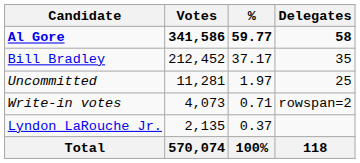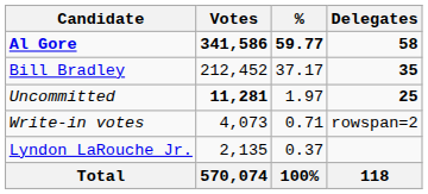 <table class="wikitable sortable" style="text-align:right;">
 <tr>
 <th>Candidate</th>
 <th>Votes</th>
 <th>%</th>
 <th>Delegates</th>
 </tr>
 <tr>
 <td style="text-align:left;" data-sort-value="Gore, Al"><strong><a href='#'>Al Gore</a></strong></td>
 <td><strong>341,586</strong></td>
 <td><strong>59.77</strong></td>
 <td><strong>58</strong></td>
 </tr>
 <tr>
 <td style="text-align:left;" data-sort-value="Bradley, Bill"><a href='#'>Bill Bradley</a></td>
 <td>212,452</td>
 <td>37.17</td>
-<td>35</td>
+<td><strong>35</strong></td>
 </tr>
 <tr>
 <td style="text-align:left;" data-sort-value="ZZZ"><em>Uncommitted</em></td>
-<td>11,281</td>
+<td><strong>11,281</strong></td>
 <td>1.97</td>
-<td>25</td>
+<td><strong>25</strong></td>
 </tr>
 <tr>
 <td style="text-align:left;" data-sort-value="ZZZ"><em>Write-in votes</em></td>
 <td>4,073</td>
 <td>0.71</td>
 <td>rowspan=2 </td>
 </tr>
 <tr>
 <td style="text-align:left;" data-sort-value="LaRouche Jr., Lyndon"><a href='#'>Lyndon LaRouche Jr.</a></td>
 <td>2,135</td>
 <td>0.37</td>
 </tr>
 <tr>
 <th>Total</th>
 <th>570,074</th>
 <th>100%</th>
 <th>118</th>
 </tr>
 </table>
